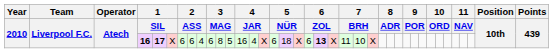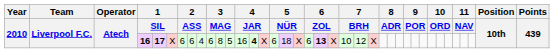 <table class="wikitable" style="text-align:center; font-size:85%">
 <tr>
 <th>Year</th>
 <th>Team</th>
 <th>Operator</th>
 <th colspan=3>1</th>
 <th colspan=3>2</th>
 <th colspan=3>3</th>
 <th colspan=3>4</th>
 <th colspan=3>5</th>
 <th colspan=3>6</th>
 <th colspan=3>7</th>
 <th colspan=3>8</th>
 <th colspan=3>9</th>
 <th colspan=3>10</th>
 <th colspan=3>11</th>
 <th>Position</th>
 <th>Points</th>
 </tr>
 <tr>
 <th rowspan=2><a href='#'>2010</a></th>
 <th rowspan=2 nowrap><a href='#'>Liverpool F.C.</a></th>
 <th rowspan=2 nowrap><a href='#'>Atech</a></th>
 <th colspan=3><a href='#'>SIL</a><br></th>
 <th colspan=3><a href='#'>ASS</a><br></th>
 <th colspan=3><a href='#'>MAG</a><br></th>
 <th colspan=3><a href='#'>JAR</a><br></th>
 <th colspan=3><a href='#'>NÜR</a><br></th>
 <th colspan=3><a href='#'>ZOL</a><br></th>
 <th colspan=3><a href='#'>BRH</a><br></th>
 <th colspan=3><a href='#'>ADR</a><br></th>
 <th colspan=3><a href='#'>POR</a><br></th>
 <th colspan=3><a href='#'>ORD</a><br></th>
 <th colspan=3><a href='#'>NAV</a><br></th>
 <th rowspan=2>10th</th>
 <th rowspan=2>439</th>
 </tr>
 <tr>
 <td style="background:#efcfff;"><strong>16</strong></td>
 <td style="background:#efcfff;"><strong>17</strong></td>
 <td style="background:#ffcfcf;">X</td>
 <td style="background:#dfffdf;">6</td>
 <td style="background:#dfffdf;">6</td>
 <td style="background:#dfffdf;">4</td>
 <td style="background:#dfffdf;">6</td>
 <td style="background:#dfffdf;">8</td>
 <td style="background:#dfffdf;">5</td>
 <td style="background:#dfffdf;">16</td>
-<td style="background:#dfffdf;">4</td>
+<td style="background:#dfffdf;"><strong>4</strong></td>
 <td style="background:#FFCFCF;">X</td>
 <td style="background:#dfffdf;">6</td>
 <td style="background:#EFCFFF;">18</td>
 <td style="background:#FFCFCF;">X</td>
 <td style="background:#dfffdf;">6</td>
 <td style="background:#EFCFFF;"><strong>13</strong></td>
 <td style="background:#FFCFCF;">X</td>
-<td style="background:#dfffdf;">11</td>
 <td style="background:#dfffdf;">10</td>
+<td style="background:#dfffdf;">12</td>
 <td style="background:#FFCFCF;">X</td>
 <td></td>
 <td></td>
 <td></td>
 <td></td>
 <td></td>
 <td></td>
 <td></td>
 <td></td>
 <td></td>
 <td></td>
 <td></td>
 <td></td>
 </tr>
 </table>
